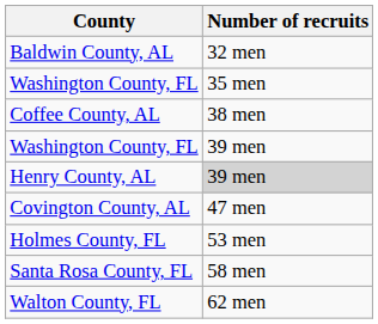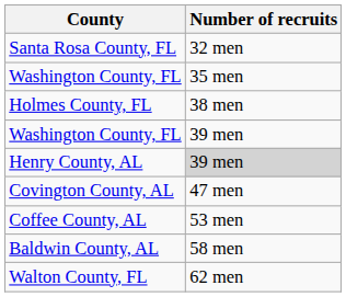 <table class="wikitable">
 <tr>
 <th>County</th>
 <th>Number of recruits</th>
 </tr>
 <tr>
-<td><a href='#'>Baldwin County, AL</a></td>
+<td><a href='#'>Santa Rosa County, FL</a></td>
 <td>32 men</td>
 </tr>
 <tr>
 <td><a href='#'>Washington County, FL</a></td>
 <td>35 men</td>
 </tr>
 <tr>
-<td><a href='#'>Coffee County, AL</a></td>
+<td><a href='#'>Holmes County, FL</a></td>
 <td>38 men</td>
 </tr>
 <tr>
 <td><a href='#'>Washington County, FL</a></td>
 <td>39 men</td>
 </tr>
 <tr>
 <td><a href='#'>Henry County, AL</a></td>
 <td style="background: lightgrey;">39 men</td>
 </tr>
 <tr>
 <td><a href='#'>Covington County, AL</a></td>
 <td>47 men</td>
 </tr>
 <tr>
-<td><a href='#'>Holmes County, FL</a></td>
+<td><a href='#'>Coffee County, AL</a></td>
 <td>53 men</td>
 </tr>
 <tr>
-<td><a href='#'>Santa Rosa County, FL</a></td>
+<td><a href='#'>Baldwin County, AL</a></td>
 <td>58 men</td>
 </tr>
 <tr>
 <td><a href='#'>Walton County, FL</a></td>
 <td>62 men</td>
 </tr>
 </table>
